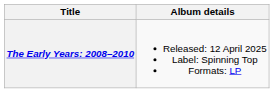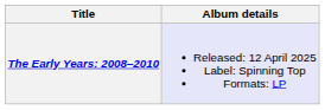 <table class="wikitable plainrowheaders" style="text-align:center;">
 <tr>
 <th scope="col" rowspan="1">Title</th>
 <th scope="col" rowspan="1">Album details</th>
 </tr>
 <tr>
 <th scope="row"><em><a href='#'>The Early Years: 2008–2010</a></em></th>
-<td><br><ul><li>Released: 12 April 2025</li><li>Label: Spinning Top </li><li>Formats: <a href='#'>LP</a></li></ul></td>
+<td style="background: lavender;"><br><ul><li>Released: 12 April 2025</li><li>Label: Spinning Top </li><li>Formats: <a href='#'>LP</a></li></ul></td>
 </tr>
 </table>
